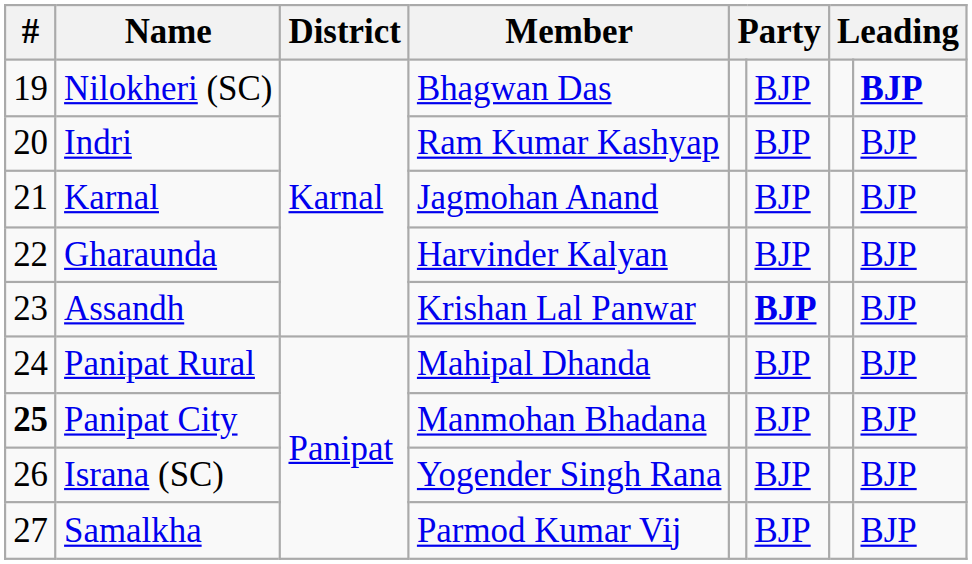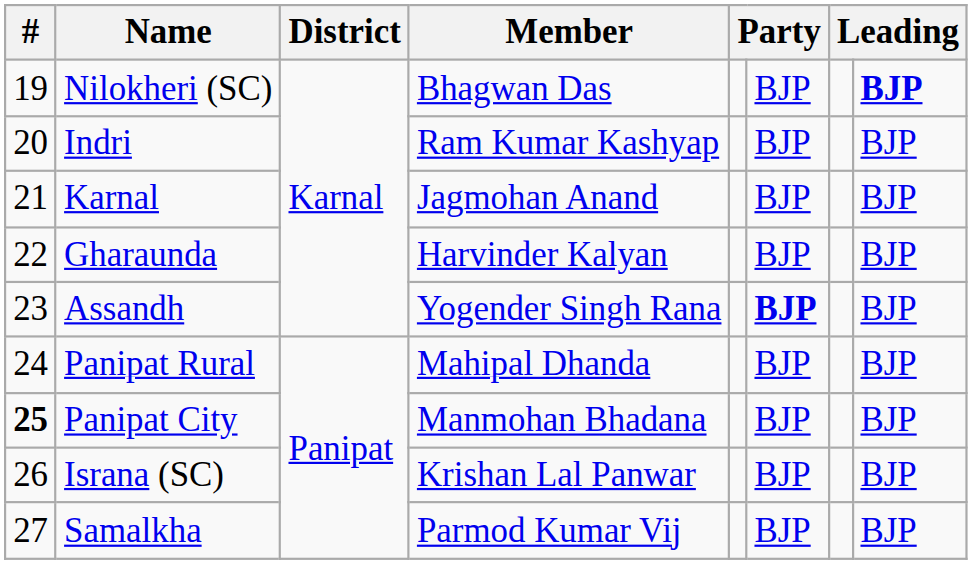 <table class="wikitable">
 <tr>
 <th>#</th>
 <th>Name</th>
 <th>District</th>
 <th>Member</th>
 <th colspan="2">Party</th>
 <th colspan="2">Leading<br></th>
 </tr>
 <tr>
 <td>19</td>
 <td><a href='#'>Nilokheri</a> (SC)</td>
 <td rowspan="5"><a href='#'>Karnal</a></td>
 <td><a href='#'>Bhagwan Das</a></td>
 <td style="background-color:"></td>
 <td><a href='#'>BJP</a></td>
 <td style="background-color:"></td>
 <td><strong><a href='#'>BJP</a></strong></td>
 </tr>
 <tr>
 <td>20</td>
 <td><a href='#'>Indri</a></td>
 <td><a href='#'>Ram Kumar Kashyap</a></td>
 <td style="background-color:"></td>
 <td><a href='#'>BJP</a></td>
 <td style="background-color:"></td>
 <td><a href='#'>BJP</a></td>
 </tr>
 <tr>
 <td>21</td>
 <td><a href='#'>Karnal</a></td>
 <td><a href='#'>Jagmohan Anand</a></td>
 <td style="background-color:"></td>
 <td><a href='#'>BJP</a></td>
 <td style="background-color:"></td>
 <td><a href='#'>BJP</a></td>
 </tr>
 <tr>
 <td>22</td>
 <td><a href='#'>Gharaunda</a></td>
 <td><a href='#'>Harvinder Kalyan</a></td>
 <td style="background-color:"></td>
 <td><a href='#'>BJP</a></td>
 <td style="background-color:"></td>
 <td><a href='#'>BJP</a></td>
 </tr>
 <tr>
 <td>23</td>
 <td><a href='#'>Assandh</a></td>
-<td><a href='#'>Krishan Lal Panwar</a></td>
+<td><a href='#'>Yogender Singh Rana</a></td>
 <td style="background-color:"></td>
 <td><strong><a href='#'>BJP</a></strong></td>
 <td style="background-color:"></td>
 <td><a href='#'>BJP</a></td>
 </tr>
 <tr>
 <td>24</td>
 <td><a href='#'>Panipat Rural</a></td>
 <td rowspan="4"><a href='#'>Panipat</a></td>
 <td><a href='#'>Mahipal Dhanda</a></td>
 <td style="background-color:"></td>
 <td><a href='#'>BJP</a></td>
 <td style="background-color:"></td>
 <td><a href='#'>BJP</a></td>
 </tr>
 <tr>
 <td><strong>25</strong></td>
 <td><a href='#'>Panipat City</a></td>
 <td><a href='#'>Manmohan Bhadana</a></td>
 <td style="background-color:"></td>
 <td><a href='#'>BJP</a></td>
 <td style="background-color:"></td>
 <td><a href='#'>BJP</a></td>
 </tr>
 <tr>
 <td>26</td>
 <td><a href='#'>Israna</a> (SC)</td>
-<td><a href='#'>Yogender Singh Rana</a></td>
+<td><a href='#'>Krishan Lal Panwar</a></td>
 <td style="background-color:"></td>
 <td><a href='#'>BJP</a></td>
 <td style="background-color:"></td>
 <td><a href='#'>BJP</a></td>
 </tr>
 <tr>
 <td>27</td>
 <td><a href='#'>Samalkha</a></td>
 <td><a href='#'>Parmod Kumar Vij</a></td>
 <td style="background-color:"></td>
 <td><a href='#'>BJP</a></td>
 <td style="background-color:"></td>
 <td><a href='#'>BJP</a></td>
 </tr>
 </table>
